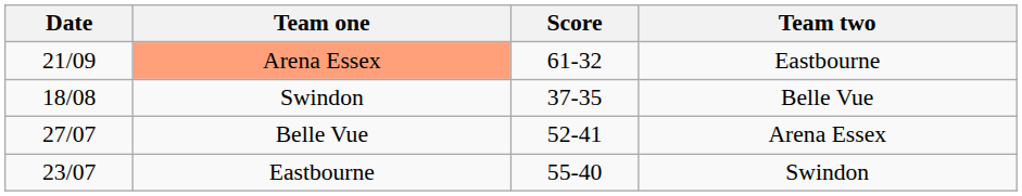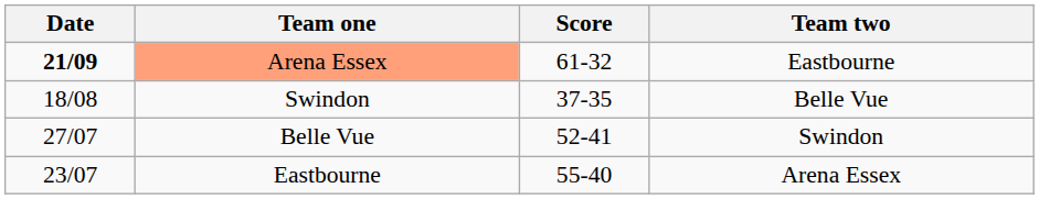 <table class="wikitable" style="text-align: center">
 <tr>
 <th width=80>Date</th>
 <th width=250>Team one</th>
 <th width=80>Score</th>
 <th width=250>Team two</th>
 </tr>
 <tr>
-<td>21/09</td>
+<td><strong>21/09</strong></td>
 <td style="background: lightsalmon;">Arena Essex</td>
 <td>61-32</td>
 <td>Eastbourne</td>
 </tr>
 <tr>
 <td>18/08</td>
 <td>Swindon</td>
 <td>37-35</td>
 <td>Belle Vue</td>
 </tr>
 <tr>
 <td>27/07</td>
 <td>Belle Vue</td>
 <td>52-41</td>
-<td>Arena Essex</td>
+<td>Swindon</td>
 </tr>
 <tr>
 <td>23/07</td>
 <td>Eastbourne</td>
 <td>55-40</td>
-<td>Swindon</td>
+<td>Arena Essex</td>
 </tr>
 </table>
